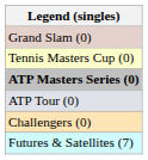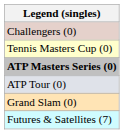 <table class="wikitable">
 <tr>
 <th>Legend (singles)</th>
 </tr>
 <tr bgcolor="#e5d1cb">
-<td>Grand Slam (0)</td>
+<td>Challengers (0)</td>
 </tr>
 <tr bgcolor="ffffcc">
 <td>Tennis Masters Cup (0)</td>
 </tr>
 <tr bgcolor="silver">
 <td><strong>ATP Masters Series (0)</strong></td>
 </tr>
 <tr bgcolor="#dfe2e9">
 <td>ATP Tour (0)</td>
 </tr>
 <tr bgcolor="moccasin">
-<td>Challengers (0)</td>
+<td>Grand Slam (0)</td>
 </tr>
 <tr bgcolor="CFFCFF">
 <td>Futures & Satellites (7)</td>
 </tr>
 </table>
